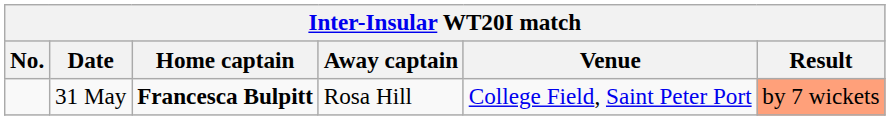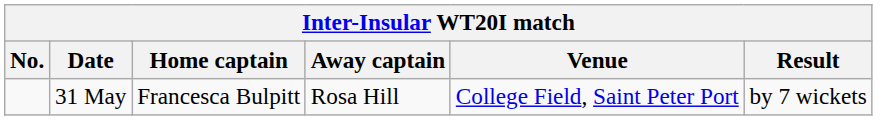 <table class="wikitable">
 <tr>
 <th colspan="8"><a href='#'>Inter-Insular</a> WT20I match</th>
 </tr>
 <tr>
 <th>No.</th>
 <th>Date</th>
 <th>Home captain</th>
 <th>Away captain</th>
 <th>Venue</th>
 <th>Result</th>
 </tr>
 <tr>
 <td></td>
 <td>31 May</td>
-<td><strong>Francesca Bulpitt</strong></td>
+<td>Francesca Bulpitt</td>
 <td>Rosa Hill</td>
 <td><a href='#'>College Field</a>, <a href='#'>Saint Peter Port</a></td>
-<td style="background: lightsalmon;"> by 7 wickets</td>
+<td> by 7 wickets</td>
 </tr>
 </table>
